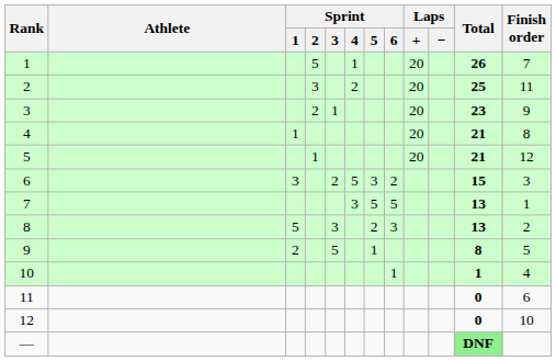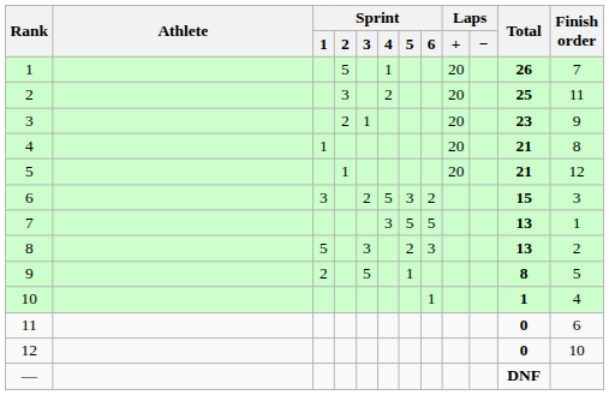 <table class="wikitable" style="text-align:center">
 <tr>
 <th rowspan=2 width=40>Rank</th>
 <th rowspan=2 width=250>Athlete</th>
 <th colspan=6>Sprint</th>
 <th colspan=2>Laps</th>
 <th rowspan=2 width=45>Total</th>
 <th rowspan=2 width=45>Finish order</th>
 </tr>
 <tr>
 <th width=14>1</th>
 <th width=14>2</th>
 <th width=14>3</th>
 <th width=14>4</th>
 <th width=14>5</th>
 <th width=14>6</th>
 <th width=20>+</th>
 <th width=20>−</th>
 </tr>
 <tr bgcolor="ccffcc">
 <td>1</td>
 <td align=left></td>
 <td></td>
 <td>5</td>
 <td></td>
 <td>1</td>
 <td></td>
 <td></td>
 <td>20</td>
 <td></td>
 <td><strong>26</strong></td>
 <td>7</td>
 </tr>
 <tr bgcolor="ccffcc">
 <td>2</td>
 <td align=left></td>
 <td></td>
 <td>3</td>
 <td></td>
 <td>2</td>
 <td></td>
 <td></td>
 <td>20</td>
 <td></td>
 <td><strong>25</strong></td>
 <td>11</td>
 </tr>
 <tr bgcolor="ccffcc">
 <td>3</td>
 <td align=left></td>
 <td></td>
 <td>2</td>
 <td>1</td>
 <td></td>
 <td></td>
 <td></td>
 <td>20</td>
 <td></td>
 <td><strong>23</strong></td>
 <td>9</td>
 </tr>
 <tr bgcolor="ccffcc">
 <td>4</td>
 <td align=left></td>
 <td>1</td>
 <td></td>
 <td></td>
 <td></td>
 <td></td>
 <td></td>
 <td>20</td>
 <td></td>
 <td><strong>21</strong></td>
 <td>8</td>
 </tr>
 <tr bgcolor="ccffcc">
 <td>5</td>
 <td align=left></td>
 <td></td>
 <td>1</td>
 <td></td>
 <td></td>
 <td></td>
 <td></td>
 <td>20</td>
 <td></td>
 <td><strong>21</strong></td>
 <td>12</td>
 </tr>
 <tr bgcolor="ccffcc">
 <td>6</td>
 <td align=left></td>
 <td>3</td>
 <td></td>
 <td>2</td>
 <td>5</td>
 <td>3</td>
 <td>2</td>
 <td></td>
 <td></td>
 <td><strong>15</strong></td>
 <td>3</td>
 </tr>
 <tr bgcolor="ccffcc">
 <td>7</td>
 <td align=left></td>
 <td></td>
 <td></td>
 <td></td>
 <td>3</td>
 <td>5</td>
 <td>5</td>
 <td></td>
 <td></td>
 <td><strong>13</strong></td>
 <td>1</td>
 </tr>
 <tr bgcolor="ccffcc">
 <td>8</td>
 <td align=left></td>
 <td>5</td>
 <td></td>
 <td>3</td>
 <td></td>
 <td>2</td>
 <td>3</td>
 <td></td>
 <td></td>
 <td><strong>13</strong></td>
 <td>2</td>
 </tr>
 <tr bgcolor="ccffcc">
 <td>9</td>
 <td align=left></td>
 <td>2</td>
 <td></td>
 <td>5</td>
 <td></td>
 <td>1</td>
 <td></td>
 <td></td>
 <td></td>
 <td><strong>8</strong></td>
 <td>5</td>
 </tr>
 <tr bgcolor="ccffcc">
 <td>10</td>
 <td align=left></td>
 <td></td>
 <td></td>
 <td></td>
 <td></td>
 <td></td>
 <td>1</td>
 <td></td>
 <td></td>
 <td><strong>1</strong></td>
 <td>4</td>
 </tr>
 <tr>
 <td>11</td>
 <td align=left></td>
 <td></td>
 <td></td>
 <td></td>
 <td></td>
 <td></td>
 <td></td>
 <td></td>
 <td></td>
 <td><strong>0</strong></td>
 <td>6</td>
 </tr>
 <tr>
 <td>12</td>
 <td align=left></td>
 <td></td>
 <td></td>
 <td></td>
 <td></td>
 <td></td>
 <td></td>
 <td></td>
 <td></td>
 <td><strong>0</strong></td>
 <td>10</td>
 </tr>
 <tr>
 <td>—</td>
 <td align=left></td>
 <td></td>
 <td></td>
 <td></td>
 <td></td>
 <td></td>
 <td></td>
 <td></td>
 <td></td>
-<td style="background: lightgreen;"><strong>DNF</strong></td>
+<td><strong>DNF</strong></td>
 <td></td>
 </tr>
 </table>
